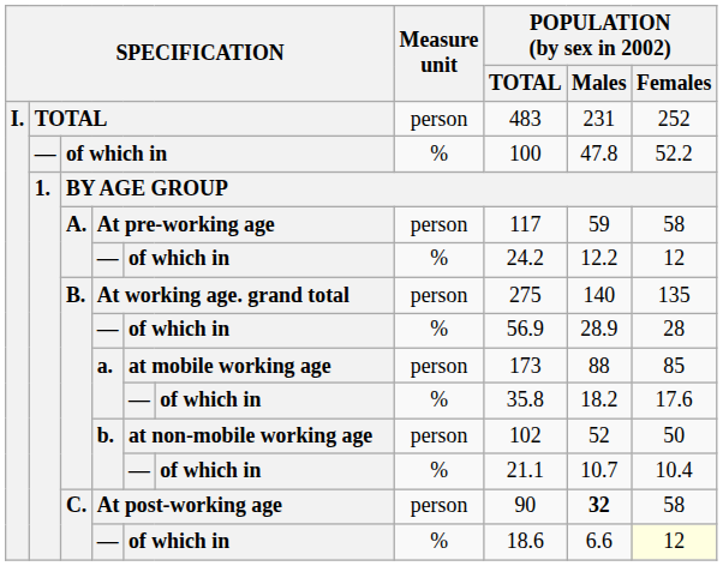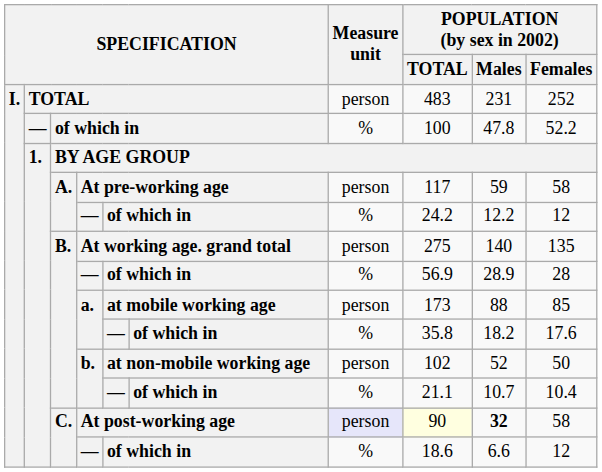 <table class="wikitable" style="font-size:85%; text-align:center">
 <tr>
 <th rowspan="2" colspan="6">SPECIFICATION</th>
 <th rowspan="2">Measure<br> unit</th>
 <th colspan="3" rowspan="1">POPULATION<br> (by sex in 2002)</th>
 </tr>
 <tr>
 <th>TOTAL</th>
 <th>Males</th>
 <th>Females</th>
 </tr>
 <tr>
 <th style="text-align:left" valign="top" rowspan="13">I.</th>
 <th style="text-align:left" colspan="5">TOTAL</th>
 <td>person</td>
 <td>483</td>
 <td>231</td>
 <td>252</td>
 </tr>
 <tr>
 <th style="text-align:left" valign="top">—</th>
 <th style="text-align:left" colspan="4">of which in</th>
 <td>%</td>
 <td>100</td>
 <td>47.8</td>
 <td>52.2</td>
 </tr>
 <tr>
 <th style="text-align:left" valign="top" rowspan="11">1.</th>
 <th style="text-align:left" colspan="19">BY AGE GROUP</th>
 </tr>
 <tr>
 <th style="text-align:left" valign="top" rowspan="2">A.</th>
 <th style="text-align:left" colspan="3">At pre-working age</th>
 <td>person</td>
 <td>117</td>
 <td>59</td>
 <td>58</td>
 </tr>
 <tr>
 <th style="text-align:left" valign="top">—</th>
 <th style="text-align:left" valign="top" colspan="2">of which in</th>
 <td>%</td>
 <td>24.2</td>
 <td>12.2</td>
 <td>12</td>
 </tr>
 <tr>
 <th style="text-align:left" valign="top" rowspan="6">B.</th>
 <th style="text-align:left" colspan="3">At working age. grand total</th>
 <td>person</td>
 <td>275</td>
 <td>140</td>
 <td>135</td>
 </tr>
 <tr>
 <th style="text-align:left" valign="top">—</th>
 <th style="text-align:left" valign="top" colspan="2">of which in</th>
 <td>%</td>
 <td>56.9</td>
 <td>28.9</td>
 <td>28</td>
 </tr>
 <tr>
 <th style="text-align:left" valign="top" rowspan="2">a.</th>
 <th style="text-align:left" colspan="2">at mobile working age</th>
 <td>person</td>
 <td>173</td>
 <td>88</td>
 <td>85</td>
 </tr>
 <tr>
 <th style="text-align:left" valign="top">—</th>
 <th style="text-align:left" valign="top" colspan="1">of which in                        </th>
 <td>%</td>
 <td>35.8</td>
 <td>18.2</td>
 <td>17.6</td>
 </tr>
 <tr>
 <th style="text-align:left" valign="top" rowspan="2">b.</th>
 <th style="text-align:left" colspan="2">at non-mobile working age</th>
 <td>person</td>
 <td>102</td>
 <td>52</td>
 <td>50</td>
 </tr>
 <tr>
 <th style="text-align:left" valign="top">—</th>
 <th style="text-align:left" valign="top" colspan="1">of which in                        </th>
 <td>%</td>
 <td>21.1</td>
 <td>10.7</td>
 <td>10.4</td>
 </tr>
 <tr>
 <th style="text-align:left" valign="top" rowspan="2">C.</th>
 <th style="text-align:left" colspan="3">At post-working age</th>
-<td>person</td>
-<td>90</td>
+<td style="background: lavender;">person</td>
+<td style="background: lightyellow;">90</td>
 <td><strong>32</strong></td>
 <td>58</td>
 </tr>
 <tr>
 <th style="text-align:left" valign="top">—</th>
 <th style="text-align:left" valign="top" colspan="2">of which in</th>
 <td>%</td>
 <td>18.6</td>
 <td>6.6</td>
-<td style="background: lightyellow;">12</td>
+<td>12</td>
 </tr>
 </table>
